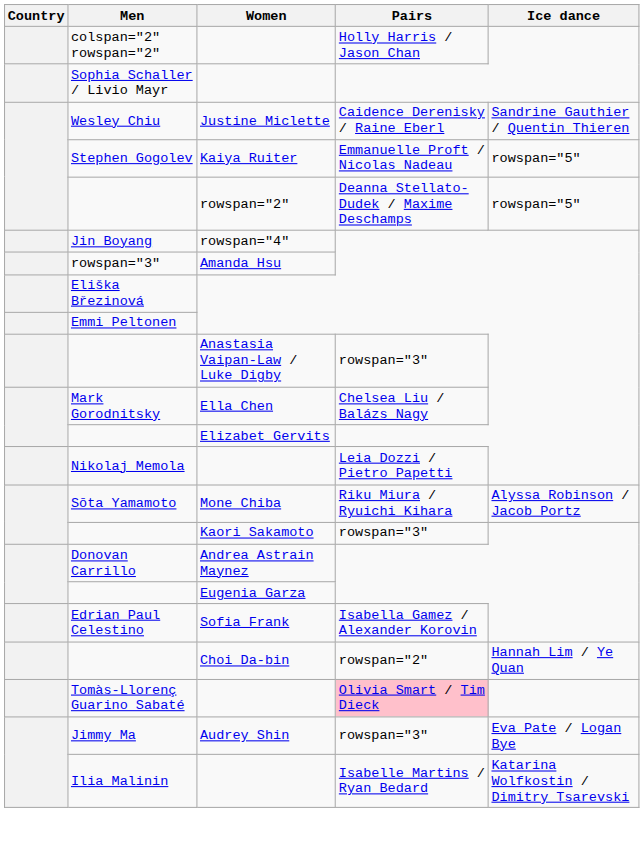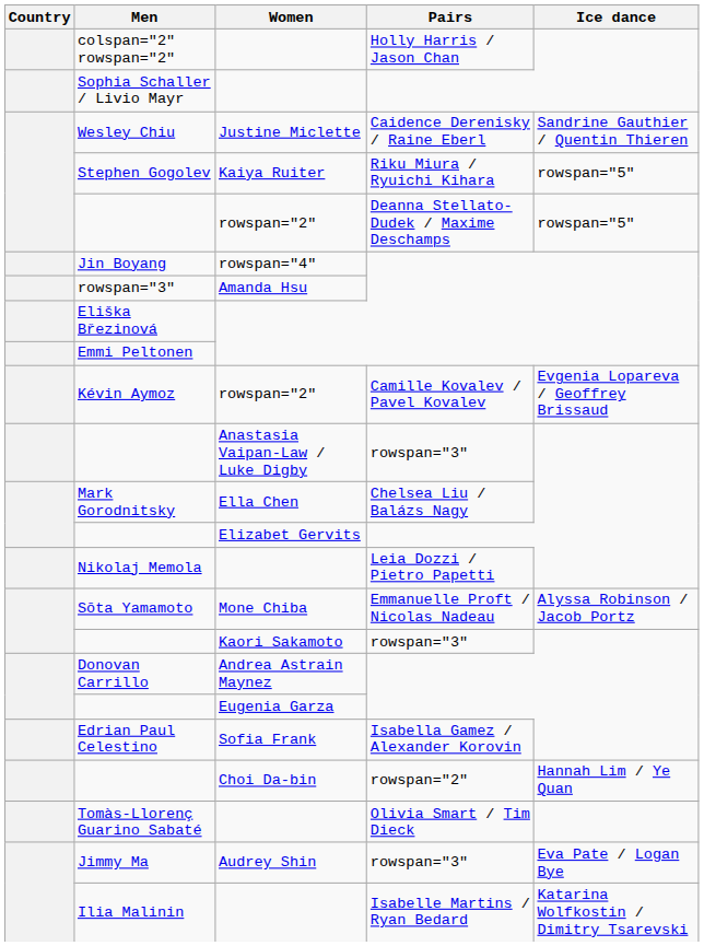 <table class="wikitable sortable" style="text-align:left">
 <tr>
 <th scope="col">Country</th>
 <th scope="col">Men</th>
 <th scope="col">Women</th>
 <th scope="col">Pairs</th>
 <th scope="col">Ice dance</th>
 </tr>
 <tr>
 <th scope="row" style="text-align:left"></th>
 <td>colspan="2" rowspan="2" </td>
 <td></td>
 <td><a href='#'>Holly Harris</a> / <a href='#'>Jason Chan</a></td>
 </tr>
 <tr>
 <th scope="row" style="text-align:left"></th>
 <td valign="top"><a href='#'>Sophia Schaller</a> / Livio Mayr</td>
 <td></td>
 </tr>
 <tr>
 <th rowspan="3" scope="row" style="text-align:left"></th>
 <td><a href='#'>Wesley Chiu</a></td>
 <td><a href='#'>Justine Miclette</a></td>
 <td><a href='#'>Caidence Derenisky</a> / <a href='#'>Raine Eberl</a></td>
 <td><a href='#'>Sandrine Gauthier</a> / <a href='#'>Quentin Thieren</a></td>
 </tr>
 <tr>
 <td><a href='#'>Stephen Gogolev</a></td>
 <td><a href='#'>Kaiya Ruiter</a></td>
-<td><a href='#'>Emmanuelle Proft</a> / <a href='#'>Nicolas Nadeau</a></td>
+<td><a href='#'>Riku Miura</a> / <a href='#'>Ryuichi Kihara</a></td>
 <td>rowspan="5" </td>
 </tr>
 <tr>
 <td></td>
 <td>rowspan="2" </td>
 <td><a href='#'>Deanna Stellato-Dudek</a> / <a href='#'>Maxime Deschamps</a></td>
 <td>rowspan="5" </td>
 </tr>
 <tr>
 <th scope="row" style="text-align:left"></th>
 <td><a href='#'>Jin Boyang</a></td>
 <td>rowspan="4" </td>
 </tr>
 <tr>
 <th scope="row" style="text-align:left"></th>
 <td>rowspan="3" </td>
 <td><a href='#'>Amanda Hsu</a></td>
 </tr>
 <tr>
 <th scope="row" style="text-align:left"></th>
 <td><a href='#'>Eliška Březinová</a></td>
 </tr>
 <tr>
 <th scope="row" style="text-align:left"></th>
 <td><a href='#'>Emmi Peltonen</a></td>
 </tr>
 <tr>
 <th scope="row" style="text-align:left"></th>
+<td><a href='#'>Kévin Aymoz</a></td>
+<td>rowspan="2" </td>
+<td><a href='#'>Camille Kovalev</a> / <a href='#'>Pavel Kovalev</a></td>
+<td><a href='#'>Evgenia Lopareva</a> / <a href='#'>Geoffrey Brissaud</a></td>
+</tr>
+<tr>
+<th scope="row" style="text-align:left"></th>
 <td></td>
 <td><a href='#'>Anastasia Vaipan-Law</a> / <a href='#'>Luke Digby</a></td>
 <td>rowspan="3" </td>
 </tr>
 <tr>
 <th rowspan="2" scope="row" style="text-align:left"></th>
 <td><a href='#'>Mark Gorodnitsky</a></td>
 <td><a href='#'>Ella Chen</a><br></td>
 <td><a href='#'>Chelsea Liu</a> / <a href='#'>Balázs Nagy</a></td>
 </tr>
 <tr>
 <td></td>
 <td><a href='#'>Elizabet Gervits</a></td>
 </tr>
 <tr>
 <th scope="row" style="text-align:left"></th>
 <td><a href='#'>Nikolaj Memola</a></td>
 <td></td>
 <td><a href='#'>Leia Dozzi</a> / <a href='#'>Pietro Papetti</a></td>
 </tr>
 <tr>
 <th rowspan="2" scope="row" style="text-align:left"></th>
 <td><a href='#'>Sōta Yamamoto</a></td>
 <td><a href='#'>Mone Chiba</a></td>
-<td><a href='#'>Riku Miura</a> / <a href='#'>Ryuichi Kihara</a></td>
+<td><a href='#'>Emmanuelle Proft</a> / <a href='#'>Nicolas Nadeau</a></td>
 <td><a href='#'>Alyssa Robinson</a> / <a href='#'>Jacob Portz</a></td>
 </tr>
 <tr>
 <td></td>
 <td><a href='#'>Kaori Sakamoto</a></td>
 <td>rowspan="3" </td>
 </tr>
 <tr>
 <th rowspan="2" scope="row" style="text-align:left"></th>
 <td><a href='#'>Donovan Carrillo</a></td>
 <td><a href='#'>Andrea Astrain Maynez</a></td>
 </tr>
 <tr>
 <td></td>
 <td><a href='#'>Eugenia Garza</a></td>
 </tr>
 <tr>
 <th scope="row" style="text-align:left"></th>
 <td><a href='#'>Edrian Paul Celestino</a></td>
 <td><a href='#'>Sofia Frank</a></td>
 <td><a href='#'>Isabella Gamez</a> / <a href='#'>Alexander Korovin</a></td>
 </tr>
 <tr>
 <th scope="row" style="text-align:left"></th>
 <td></td>
 <td><a href='#'>Choi Da-bin</a></td>
 <td>rowspan="2" </td>
 <td><a href='#'>Hannah Lim</a> / <a href='#'>Ye Quan</a></td>
 </tr>
 <tr>
 <th scope="row" style="text-align:left"></th>
 <td><a href='#'>Tomàs-Llorenç Guarino Sabaté</a></td>
 <td></td>
-<td style="background: pink;"><a href='#'>Olivia Smart</a> / <a href='#'>Tim Dieck</a></td>
+<td><a href='#'>Olivia Smart</a> / <a href='#'>Tim Dieck</a></td>
 </tr>
 <tr>
 <th rowspan="2" scope="row" style="text-align:left"></th>
 <td><a href='#'>Jimmy Ma</a></td>
 <td><a href='#'>Audrey Shin</a></td>
 <td>rowspan="3" </td>
 <td><a href='#'>Eva Pate</a> / <a href='#'>Logan Bye</a></td>
 </tr>
 <tr>
 <td><a href='#'>Ilia Malinin</a></td>
 <td></td>
 <td><a href='#'>Isabelle Martins</a> / <a href='#'>Ryan Bedard</a></td>
 <td><a href='#'>Katarina Wolfkostin</a> / <a href='#'>Dimitry Tsarevski</a></td>
 </tr>
 </table>
